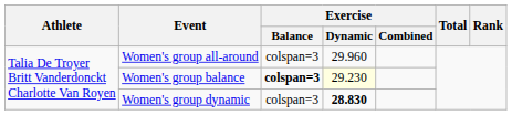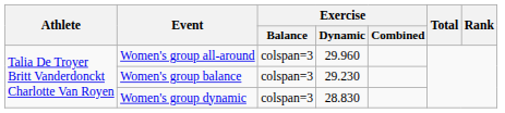 <table class="wikitable" style="font-size:90%">
 <tr>
 <th rowspan=2>Athlete</th>
 <th rowspan=2>Event</th>
 <th colspan=3>Exercise</th>
 <th rowspan=2>Total</th>
 <th rowspan=2>Rank</th>
 </tr>
 <tr style="font-size:95%">
 <th>Balance</th>
 <th>Dynamic</th>
 <th>Combined</th>
 </tr>
 <tr align=center>
 <td rowspan=3 align=left><a href='#'>Talia De Troyer</a><br><a href='#'>Britt Vanderdonckt</a><br><a href='#'>Charlotte Van Royen</a></td>
 <td align=left><a href='#'>Women's group all-around</a></td>
 <td>colspan=3 </td>
 <td>29.960</td>
 <td></td>
 </tr>
 <tr align=center>
 <td align=left><a href='#'>Women's group balance</a></td>
-<td><strong>colspan=3 </strong></td>
-<td style="background: lightyellow;">29.230</td>
+<td>colspan=3 </td>
+<td>29.230</td>
 <td></td>
 </tr>
 <tr align=center>
 <td align=left><a href='#'>Women's group dynamic</a></td>
 <td>colspan=3 </td>
-<td><strong>28.830</strong></td>
+<td>28.830</td>
 <td></td>
 </tr>
 </table>
